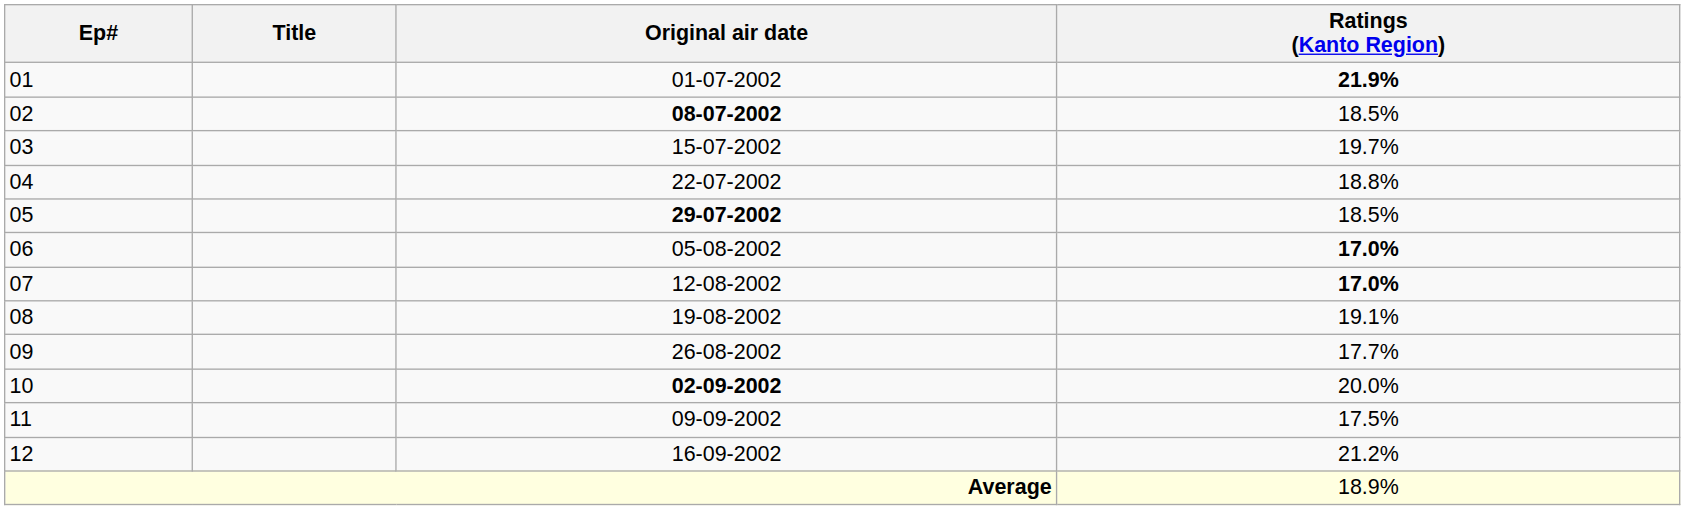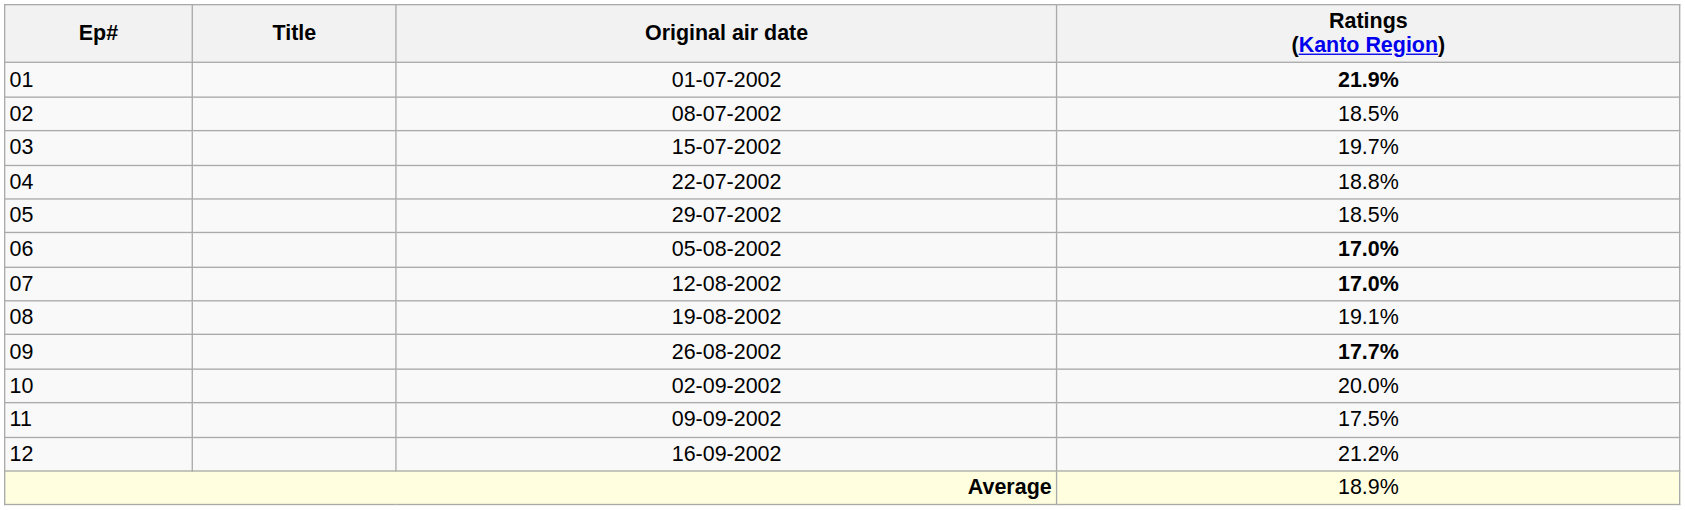 <table class="wikitable plainrowheaders" style="width: 99%;">
 <tr>
 <th>Ep#</th>
 <th>Title</th>
 <th>Original air date</th>
 <th>Ratings <br>(<a href='#'>Kanto Region</a>)</th>
 </tr>
 <tr>
 <td>01</td>
 <td></td>
 <td style="text-align:center">01-07-2002</td>
 <td style="text-align:center"><span><strong>21.9%</strong></span></td>
 </tr>
 <tr>
 <td>02</td>
 <td></td>
-<td style="text-align:center"><strong>08-07-2002</strong></td>
+<td style="text-align:center">08-07-2002</td>
 <td style="text-align:center">18.5%</td>
 </tr>
 <tr>
 <td>03</td>
 <td></td>
 <td style="text-align:center">15-07-2002</td>
 <td style="text-align:center">19.7%</td>
 </tr>
 <tr>
 <td>04</td>
 <td></td>
 <td style="text-align:center">22-07-2002</td>
 <td style="text-align:center">18.8%</td>
 </tr>
 <tr>
 <td>05</td>
 <td></td>
-<td style="text-align:center"><strong>29-07-2002</strong></td>
+<td style="text-align:center">29-07-2002</td>
 <td style="text-align:center">18.5%</td>
 </tr>
 <tr>
 <td>06</td>
 <td></td>
 <td style="text-align:center">05-08-2002</td>
 <td style="text-align:center"><span><strong>17.0%</strong></span></td>
 </tr>
 <tr>
 <td>07</td>
 <td></td>
 <td style="text-align:center">12-08-2002</td>
 <td style="text-align:center"><span><strong>17.0%</strong></span></td>
 </tr>
 <tr>
 <td>08</td>
 <td></td>
 <td style="text-align:center">19-08-2002</td>
 <td style="text-align:center">19.1%</td>
 </tr>
 <tr>
 <td>09</td>
 <td></td>
 <td style="text-align:center">26-08-2002</td>
-<td style="text-align:center">17.7%</td>
+<td style="text-align:center"><strong>17.7%</strong></td>
 </tr>
 <tr>
 <td>10</td>
 <td></td>
-<td style="text-align:center"><strong>02-09-2002</strong></td>
+<td style="text-align:center">02-09-2002</td>
 <td style="text-align:center">20.0%</td>
 </tr>
 <tr>
 <td>11</td>
 <td></td>
 <td style="text-align:center">09-09-2002</td>
 <td style="text-align:center">17.5%</td>
 </tr>
 <tr>
 <td>12</td>
 <td></td>
 <td style="text-align:center">16-09-2002</td>
 <td style="text-align:center">21.2%</td>
 </tr>
 <tr>
 <td colspan=3; style="text-align:right; background:lightyellow"><strong>Average</strong></td>
 <td style="text-align:center; background:lightyellow">18.9%</td>
 </tr>
 </table>
